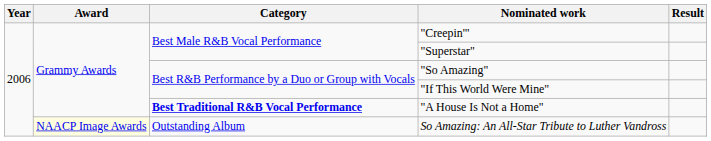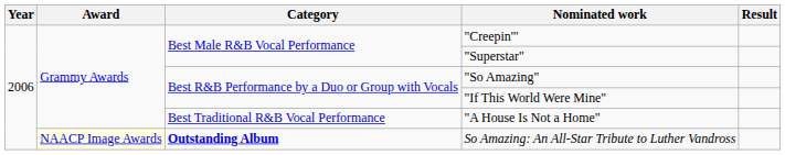 <table class="wikitable">
 <tr>
 <th>Year</th>
 <th>Award</th>
 <th>Category</th>
 <th>Nominated work</th>
 <th>Result</th>
 </tr>
 <tr>
 <td rowspan="6">2006</td>
 <td rowspan="5"><a href='#'>Grammy Awards</a></td>
 <td rowspan="2"><a href='#'>Best Male R&B Vocal Performance</a></td>
 <td>"Creepin'"</td>
 <td></td>
 </tr>
 <tr>
 <td>"Superstar"</td>
 <td></td>
 </tr>
 <tr>
 <td rowspan="2"><a href='#'>Best R&B Performance by a Duo or Group with Vocals</a></td>
 <td>"So Amazing"</td>
 <td></td>
 </tr>
 <tr>
 <td>"If This World Were Mine"</td>
 <td></td>
 </tr>
 <tr>
-<td><strong><a href='#'>Best Traditional R&B Vocal Performance</a></strong></td>
+<td><a href='#'>Best Traditional R&B Vocal Performance</a></td>
 <td>"A House Is Not a Home"</td>
 <td></td>
 </tr>
 <tr>
 <td style="background: lightyellow;"><a href='#'>NAACP Image Awards</a></td>
-<td><a href='#'>Outstanding Album</a></td>
+<td><strong><a href='#'>Outstanding Album</a></strong></td>
 <td><em>So Amazing: An All-Star Tribute to Luther Vandross</em></td>
 <td></td>
 </tr>
 </table>
